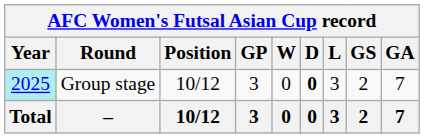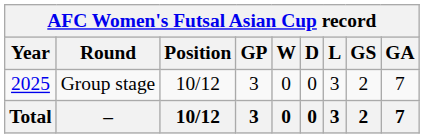 <table class="wikitable" style="text-align: center;font-size:90%;">
 <tr>
 <th colspan=9><a href='#'>AFC Women's Futsal Asian Cup</a> record</th>
 </tr>
 <tr>
 <th>Year</th>
 <th>Round</th>
 <th>Position</th>
 <th>GP</th>
 <th>W</th>
 <th>D</th>
 <th>L</th>
 <th>GS</th>
 <th>GA</th>
 </tr>
 <tr>
-<td style="background: paleturquoise;"> <a href='#'>2025</a></td>
+<td> <a href='#'>2025</a></td>
 <td>Group stage</td>
 <td>10/12</td>
 <td>3</td>
 <td>0</td>
-<td><strong>0</strong></td>
+<td>0</td>
 <td>3</td>
 <td>2</td>
 <td>7</td>
 </tr>
 <tr>
 <th><strong>Total</strong></th>
 <th>–</th>
 <th><strong>10/12</strong></th>
 <th><strong>3</strong></th>
 <th><strong>0</strong></th>
 <th><strong>0</strong></th>
 <th><strong>3</strong></th>
 <th><strong>2</strong></th>
 <th><strong>7</strong></th>
 </tr>
 </table>
